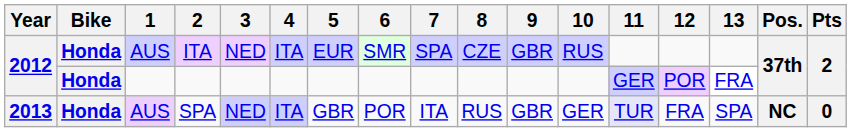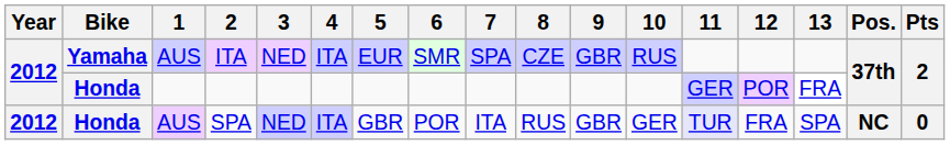 <table class="wikitable" style="text-align:center; font-size:90%">
 <tr>
 <th>Year</th>
 <th>Bike</th>
 <th>1</th>
 <th>2</th>
 <th>3</th>
 <th>4</th>
 <th>5</th>
 <th>6</th>
 <th>7</th>
 <th>8</th>
 <th>9</th>
 <th>10</th>
 <th>11</th>
 <th>12</th>
 <th>13</th>
 <th>Pos.</th>
 <th>Pts</th>
 </tr>
 <tr>
 <th rowspan=2><a href='#'>2012</a></th>
-<th><a href='#'>Honda</a></th>
+<th><a href='#'>Yamaha</a></th>
 <td style="background:#CFCFFF;"><a href='#'>AUS</a><br></td>
 <td style="background:#EFCFFF;"><a href='#'>ITA</a><br></td>
 <td style="background:#EFCFFF;"><a href='#'>NED</a><br></td>
 <td style="background:#CFCFFF;"><a href='#'>ITA</a><br></td>
 <td style="background:#CFCFFF;"><a href='#'>EUR</a><br></td>
 <td style="background:#DFFFDF;"><a href='#'>SMR</a><br></td>
 <td style="background:#CFCFFF;"><a href='#'>SPA</a><br></td>
 <td style="background:#CFCFFF;"><a href='#'>CZE</a><br></td>
 <td style="background:#CFCFFF;"><a href='#'>GBR</a><br></td>
 <td style="background:#CFCFFF;"><a href='#'>RUS</a><br></td>
 <td></td>
 <td></td>
 <td></td>
 <th rowspan=2>37th</th>
 <th rowspan=2>2</th>
 </tr>
 <tr>
 <th><a href='#'>Honda</a></th>
 <td></td>
 <td></td>
 <td></td>
 <td></td>
 <td></td>
 <td></td>
 <td></td>
 <td></td>
 <td></td>
 <td></td>
 <td style="background:#CFCFFF;"><a href='#'>GER</a><br></td>
 <td style="background:#EFCFFF;"><a href='#'>POR</a><br></td>
 <td style="background:#FFFFFF;"><a href='#'>FRA</a><br></td>
 </tr>
 <tr>
-<th><a href='#'>2013</a></th>
+<th><a href='#'>2012</a></th>
 <th><a href='#'>Honda</a></th>
 <td style="background:#EFCFFF;"><a href='#'>AUS</a><br></td>
 <td><a href='#'>SPA</a></td>
 <td style="background:#CFCFFF;"><a href='#'>NED</a><br></td>
 <td style="background:#CFCFFF;"><a href='#'>ITA</a><br></td>
 <td><a href='#'>GBR</a></td>
 <td><a href='#'>POR</a></td>
 <td><a href='#'>ITA</a></td>
 <td><a href='#'>RUS</a></td>
 <td><a href='#'>GBR</a></td>
 <td><a href='#'>GER</a></td>
 <td style="background: lavender;"><a href='#'>TUR</a></td>
 <td><a href='#'>FRA</a></td>
 <td><a href='#'>SPA</a></td>
 <th>NC</th>
 <th>0</th>
 </tr>
 </table>
